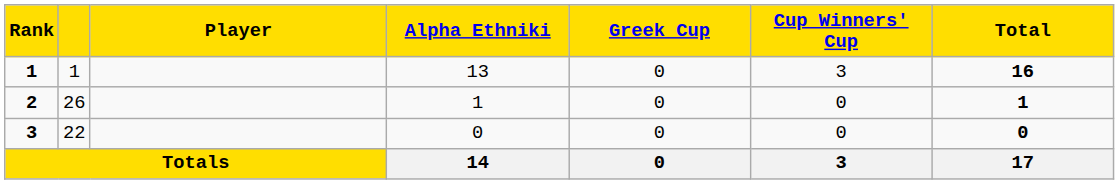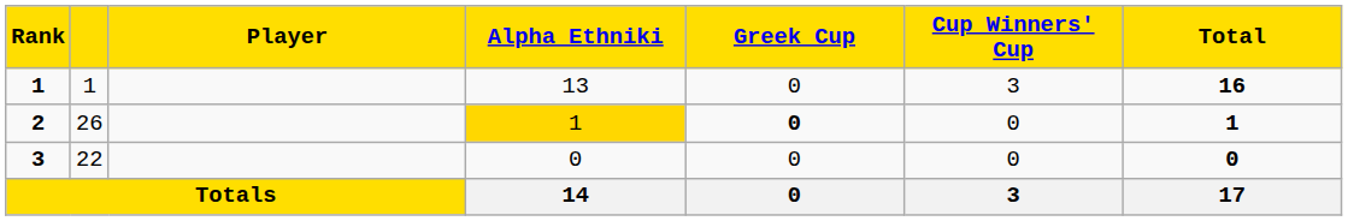 <table class="wikitable sortable" style="text-align:center">
 <tr>
 <th style="background:#FFDE00">Rank</th>
 <th style="background:#FFDE00"></th>
 <th width=200 style="background:#FFDE00">Player</th>
 <th width=120 style="background:#FFDE00"><a href='#'>Alpha Ethniki</a></th>
 <th width=120 style="background:#FFDE00"><a href='#'>Greek Cup</a></th>
 <th width=120 style="background:#FFDE00"><a href='#'>Cup Winners' Cup</a></th>
 <th width=120 style="background:#FFDE00">Total</th>
 </tr>
 <tr>
 <td><strong>1</strong></td>
 <td>1</td>
 <td align=left></td>
 <td>13</td>
 <td>0</td>
 <td>3</td>
 <td><strong>16</strong></td>
 </tr>
 <tr>
 <td><strong>2</strong></td>
 <td>26</td>
 <td align=left></td>
-<td>1</td>
-<td>0</td>
+<td style="background: gold;">1</td>
+<td><strong>0</strong></td>
 <td>0</td>
 <td><strong>1</strong></td>
 </tr>
 <tr>
 <td><strong>3</strong></td>
 <td>22</td>
 <td align=left></td>
 <td>0</td>
 <td>0</td>
 <td>0</td>
 <td><strong>0</strong></td>
 </tr>
 <tr class="sortbottom">
 <th colspan=3 style="background:#FFDE00"><strong>Totals</strong></th>
 <th><strong>14</strong></th>
 <th><strong> 0</strong></th>
 <th><strong> 3</strong></th>
 <th><strong>17</strong></th>
 </tr>
 </table>
